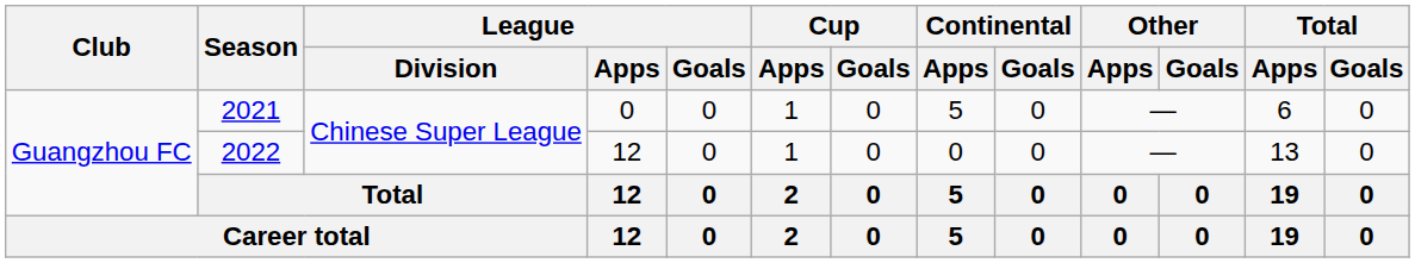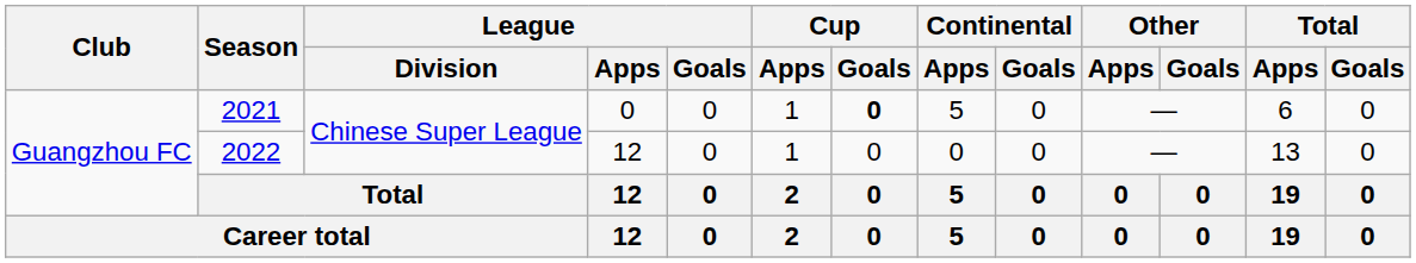 <table class="wikitable" style="text-align: center">
 <tr>
 <th rowspan="2">Club</th>
 <th rowspan="2">Season</th>
 <th colspan="3">League</th>
 <th colspan="2">Cup</th>
 <th colspan="2">Continental</th>
 <th colspan="2">Other</th>
 <th colspan="2">Total</th>
 </tr>
 <tr>
 <th>Division</th>
 <th>Apps</th>
 <th>Goals</th>
 <th>Apps</th>
 <th>Goals</th>
 <th>Apps</th>
 <th>Goals</th>
 <th>Apps</th>
 <th>Goals</th>
 <th>Apps</th>
 <th>Goals</th>
 </tr>
 <tr>
 <td rowspan="3"><a href='#'>Guangzhou FC</a></td>
 <td><a href='#'>2021</a></td>
 <td rowspan="2"><a href='#'>Chinese Super League</a></td>
 <td>0</td>
 <td>0</td>
 <td>1</td>
-<td>0</td>
+<td><strong>0</strong></td>
 <td>5</td>
 <td>0</td>
 <td colspan="2">—</td>
 <td>6</td>
 <td>0</td>
 </tr>
 <tr>
 <td><a href='#'>2022</a></td>
 <td>12</td>
 <td>0</td>
 <td>1</td>
 <td>0</td>
 <td>0</td>
 <td>0</td>
 <td colspan="2">—</td>
 <td>13</td>
 <td>0</td>
 </tr>
 <tr>
 <th colspan=2>Total</th>
 <th>12</th>
 <th>0</th>
 <th>2</th>
 <th>0</th>
 <th>5</th>
 <th>0</th>
 <th>0</th>
 <th>0</th>
 <th>19</th>
 <th>0</th>
 </tr>
 <tr>
 <th colspan=3>Career total</th>
 <th>12</th>
 <th>0</th>
 <th>2</th>
 <th>0</th>
 <th>5</th>
 <th>0</th>
 <th>0</th>
 <th>0</th>
 <th>19</th>
 <th>0</th>
 </tr>
 </table>
